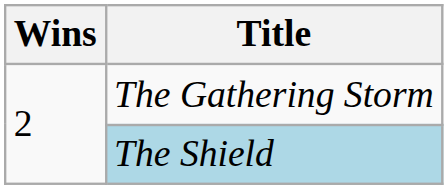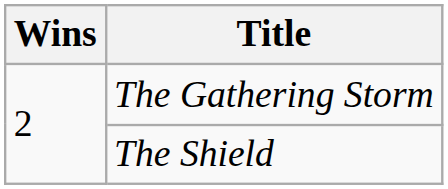 <table class="wikitable">
 <tr>
 <th>Wins</th>
 <th>Title</th>
 </tr>
 <tr>
 <td rowspan="2">2</td>
 <td><em>The Gathering Storm</em></td>
 </tr>
 <tr>
-<td style="background: lightblue;"><em>The Shield</em></td>
+<td><em>The Shield</em></td>
 </tr>
 </table>
